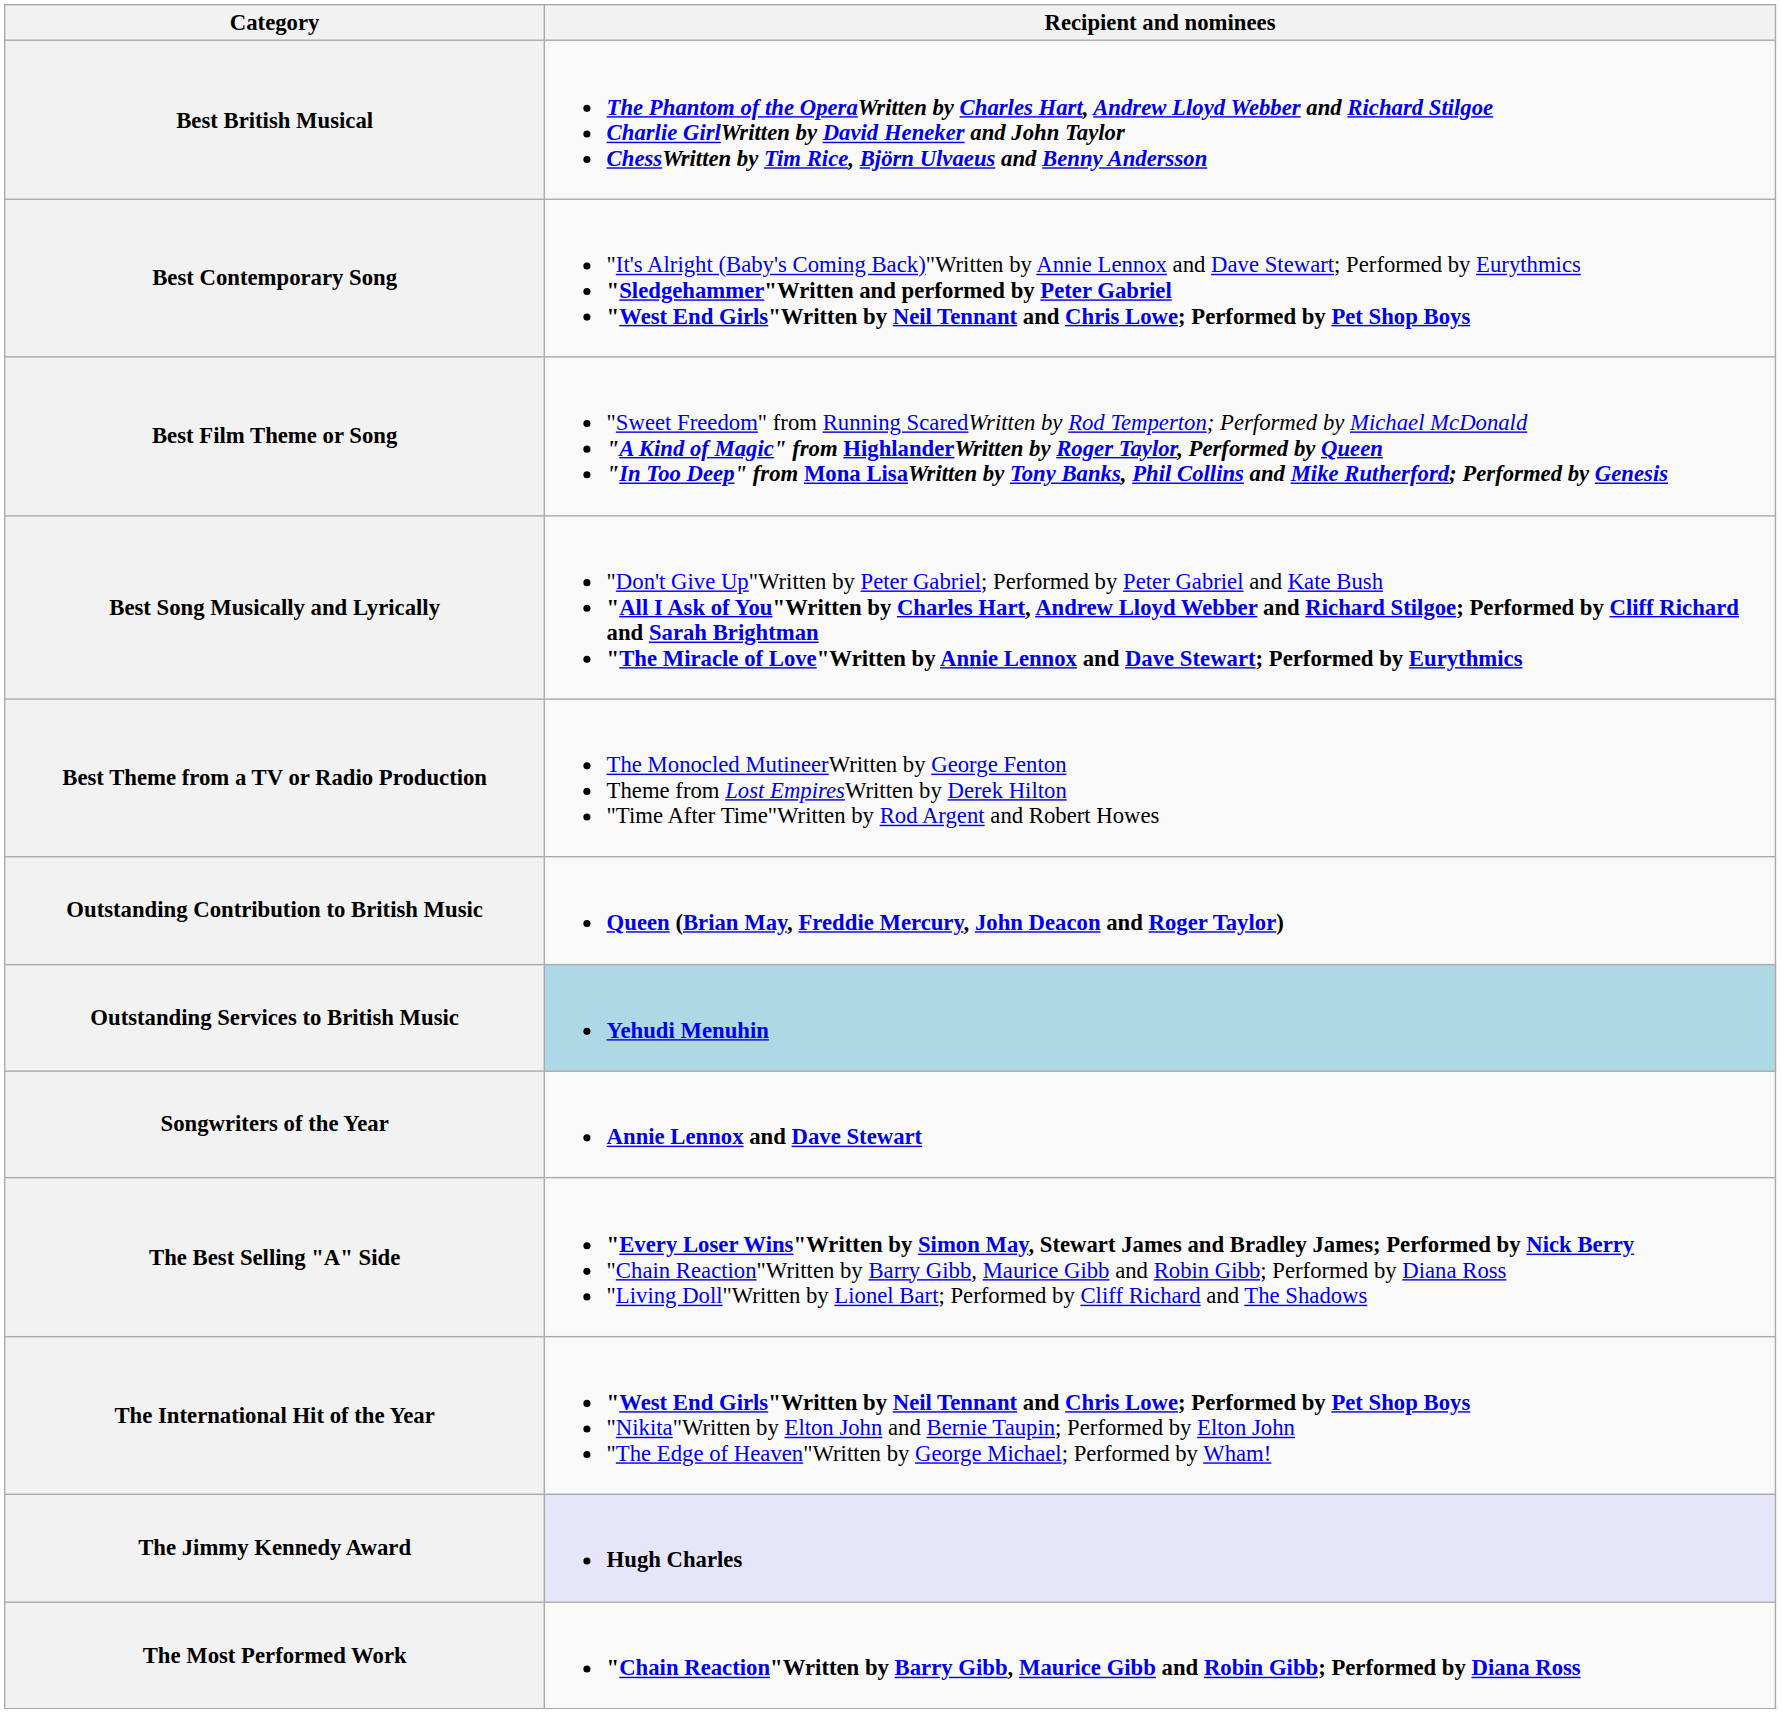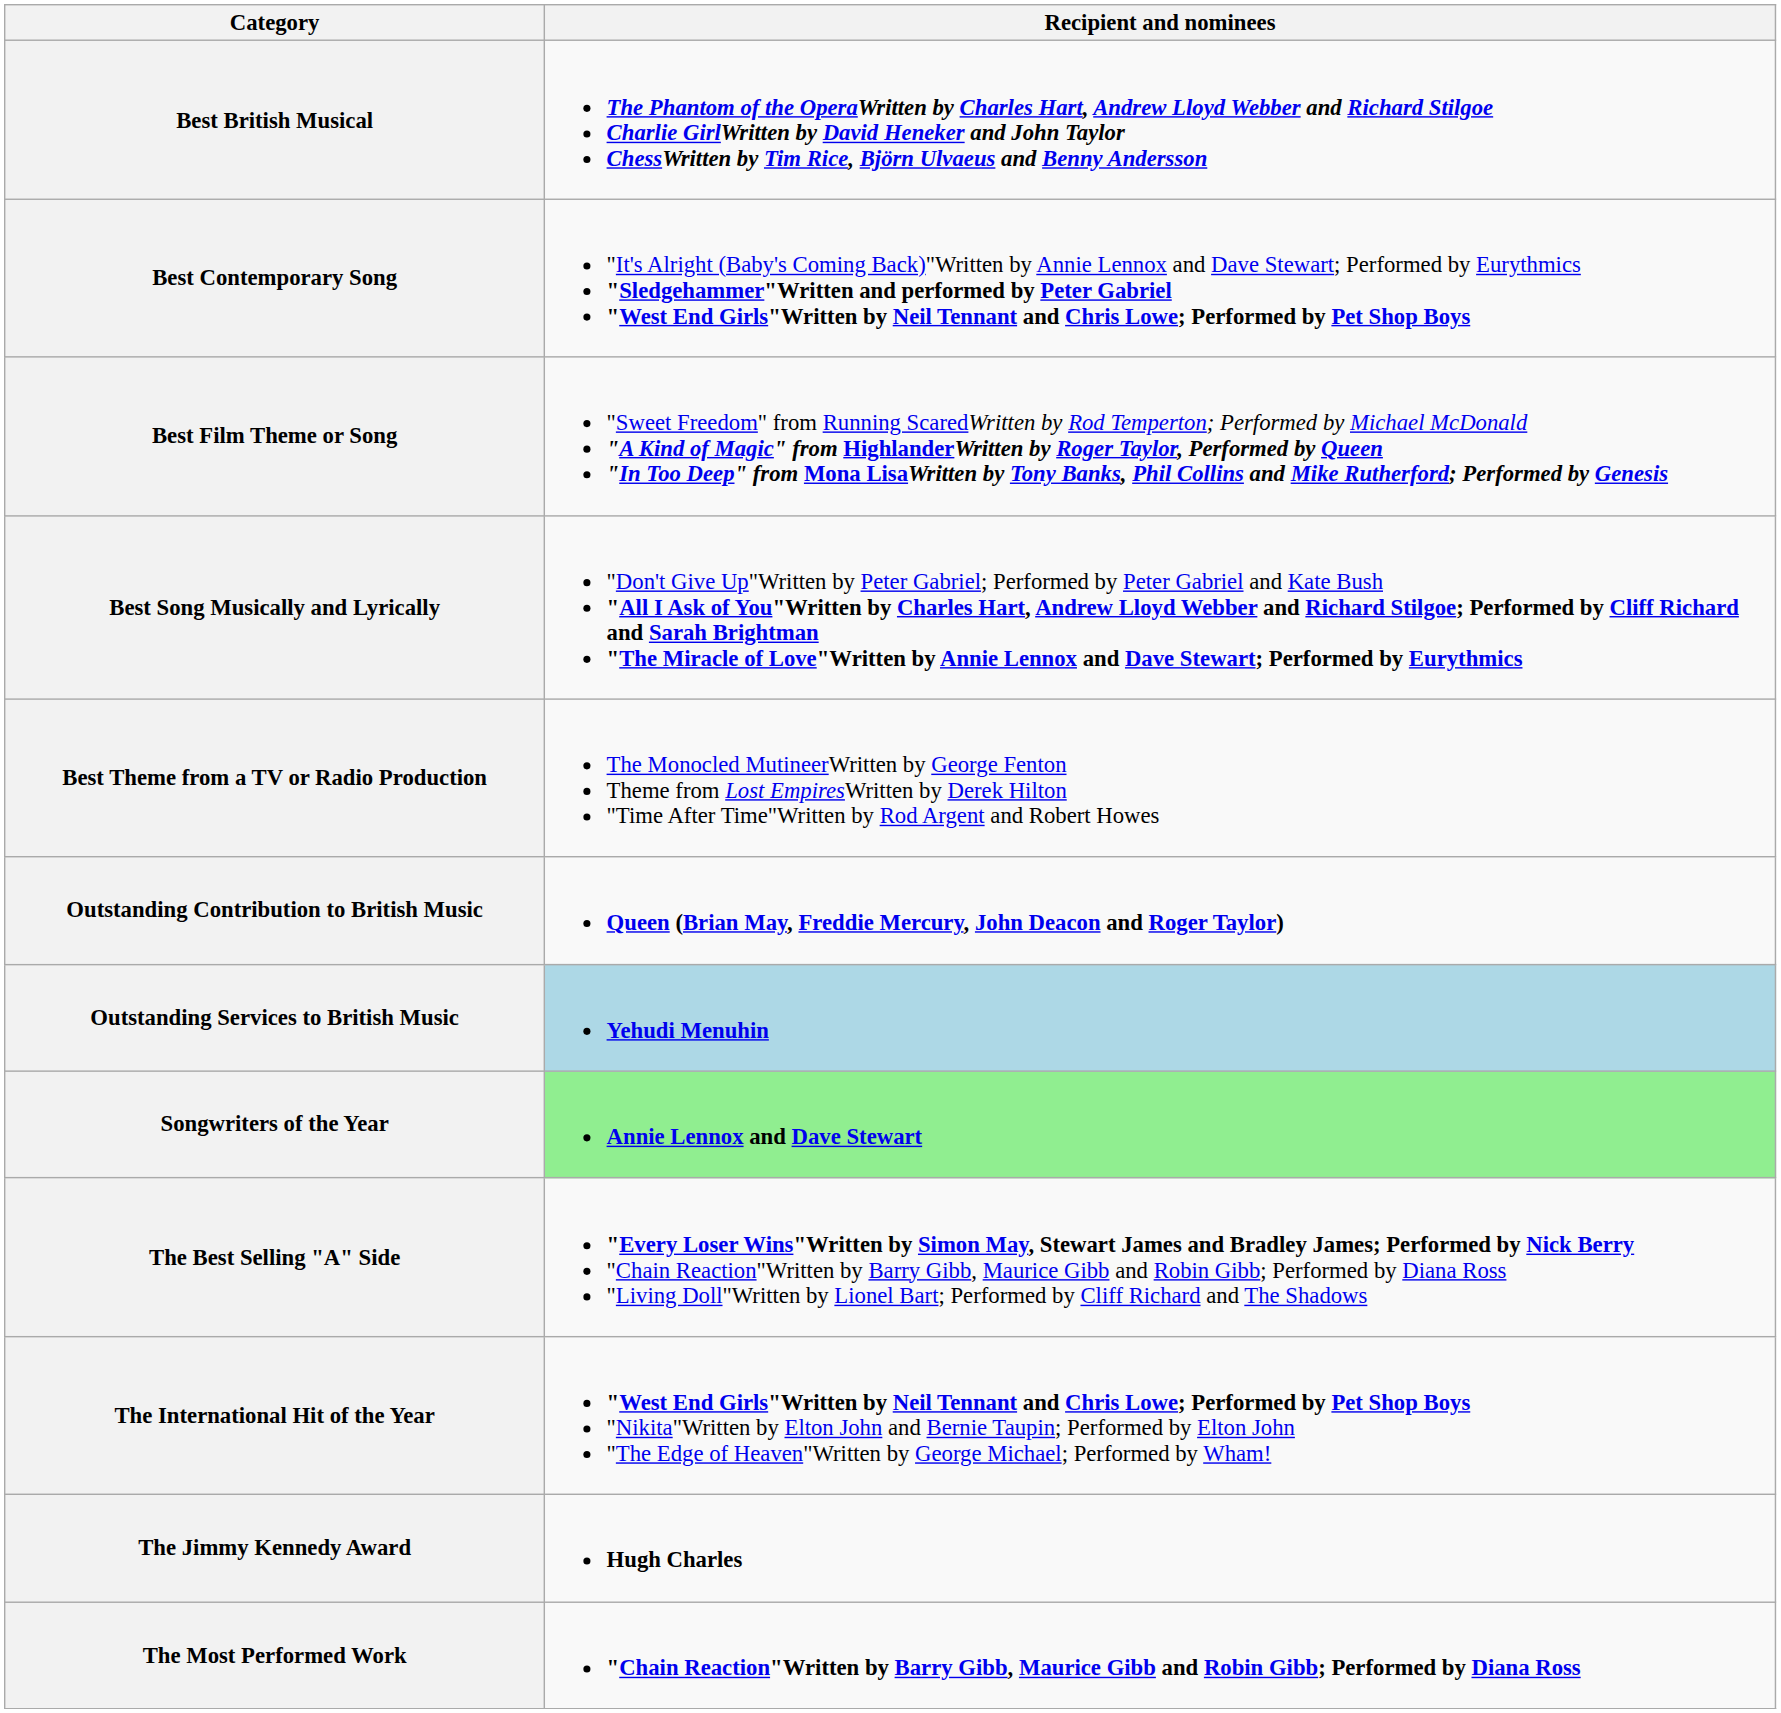 <table class="wikitable">
 <tr>
 <th width="25%">Category</th>
 <th width="57%">Recipient and nominees</th>
 </tr>
 <tr>
 <th scope="row">Best British Musical</th>
 <td><br><ul><li><strong><em><a href='#'>The Phantom of the Opera</a><em>Written by <a href='#'>Charles Hart</a>, <a href='#'>Andrew Lloyd Webber</a> and <a href='#'>Richard Stilgoe</a><strong></li><li></em><a href='#'>Charlie Girl</a><em>Written by <a href='#'>David Heneker</a> and John Taylor</li><li></em><a href='#'>Chess</a><em>Written by <a href='#'>Tim Rice</a>, <a href='#'>Björn Ulvaeus</a> and <a href='#'>Benny Andersson</a></li></ul></td>
 </tr>
 <tr>
 <th scope="row">Best Contemporary Song</th>
 <td><br><ul><li></strong>"<a href='#'>It's Alright (Baby's Coming Back)</a>"Written by <a href='#'>Annie Lennox</a> and <a href='#'>Dave Stewart</a>; Performed by <a href='#'>Eurythmics</a><strong></li><li>"<a href='#'>Sledgehammer</a>"Written and performed by <a href='#'>Peter Gabriel</a></li><li>"<a href='#'>West End Girls</a>"Written by <a href='#'>Neil Tennant</a> and <a href='#'>Chris Lowe</a>; Performed by <a href='#'>Pet Shop Boys</a></li></ul></td>
 </tr>
 <tr>
 <th scope="row">Best Film Theme or Song</th>
 <td><br><ul><li></strong>"<a href='#'>Sweet Freedom</a>" from </em><a href='#'>Running Scared</a><em>Written by <a href='#'>Rod Temperton</a>; Performed by <a href='#'>Michael McDonald</a><strong></li><li>"<a href='#'>A Kind of Magic</a>" from </em><a href='#'>Highlander</a><em>Written by <a href='#'>Roger Taylor</a>, Performed by <a href='#'>Queen</a></li><li>"<a href='#'>In Too Deep</a>" from </em><a href='#'>Mona Lisa</a><em>Written by <a href='#'>Tony Banks</a>, <a href='#'>Phil Collins</a> and <a href='#'>Mike Rutherford</a>; Performed by <a href='#'>Genesis</a></li></ul></td>
 </tr>
 <tr>
 <th scope="row">Best Song Musically and Lyrically</th>
 <td><br><ul><li></strong>"<a href='#'>Don't Give Up</a>"Written by <a href='#'>Peter Gabriel</a>; Performed by <a href='#'>Peter Gabriel</a> and <a href='#'>Kate Bush</a><strong></li><li>"<a href='#'>All I Ask of You</a>"Written by <a href='#'>Charles Hart</a>, <a href='#'>Andrew Lloyd Webber</a> and <a href='#'>Richard Stilgoe</a>; Performed by <a href='#'>Cliff Richard</a> and <a href='#'>Sarah Brightman</a></li><li>"<a href='#'>The Miracle of Love</a>"Written by <a href='#'>Annie Lennox</a> and <a href='#'>Dave Stewart</a>; Performed by <a href='#'>Eurythmics</a></li></ul></td>
 </tr>
 <tr>
 <th scope="row">Best Theme from a TV or Radio Production</th>
 <td><br><ul><li></em></strong><a href='#'>The Monocled Mutineer</a></em>Written by <a href='#'>George Fenton</a></strong></li><li>Theme from <em><a href='#'>Lost Empires</a></em>Written by <a href='#'>Derek Hilton</a></li><li>"Time After Time"Written by <a href='#'>Rod Argent</a> and Robert Howes</li></ul></td>
 </tr>
 <tr>
 <th scope="row">Outstanding Contribution to British Music</th>
 <td><br><ul><li><strong><a href='#'>Queen</a> (<a href='#'>Brian May</a>, <a href='#'>Freddie Mercury</a>, <a href='#'>John Deacon</a> and <a href='#'>Roger Taylor</a>)</strong></li></ul></td>
 </tr>
 <tr>
 <th scope="row">Outstanding Services to British Music</th>
 <td style="background: lightblue;"><br><ul><li><strong><a href='#'>Yehudi Menuhin</a></strong></li></ul></td>
 </tr>
 <tr>
 <th scope="row">Songwriters of the Year</th>
-<td><br><ul><li><strong><a href='#'>Annie Lennox</a> and <a href='#'>Dave Stewart</a></strong></li></ul></td>
+<td style="background: lightgreen;"><br><ul><li><strong><a href='#'>Annie Lennox</a> and <a href='#'>Dave Stewart</a></strong></li></ul></td>
 </tr>
 <tr>
 <th scope="row">The Best Selling "A" Side</th>
 <td><br><ul><li><strong>"<a href='#'>Every Loser Wins</a>"Written by <a href='#'>Simon May</a>, Stewart James and Bradley James; Performed by <a href='#'>Nick Berry</a></strong></li><li>"<a href='#'>Chain Reaction</a>"Written by <a href='#'>Barry Gibb</a>, <a href='#'>Maurice Gibb</a> and <a href='#'>Robin Gibb</a>; Performed by <a href='#'>Diana Ross</a></li><li>"<a href='#'>Living Doll</a>"Written by <a href='#'>Lionel Bart</a>; Performed by <a href='#'>Cliff Richard</a> and <a href='#'>The Shadows</a></li></ul></td>
 </tr>
 <tr>
 <th scope="row">The International Hit of the Year</th>
 <td><br><ul><li><strong>"<a href='#'>West End Girls</a>"Written by <a href='#'>Neil Tennant</a> and <a href='#'>Chris Lowe</a>; Performed by <a href='#'>Pet Shop Boys</a></strong></li><li>"<a href='#'>Nikita</a>"Written by <a href='#'>Elton John</a> and <a href='#'>Bernie Taupin</a>; Performed by <a href='#'>Elton John</a></li><li>"<a href='#'>The Edge of Heaven</a>"Written by <a href='#'>George Michael</a>; Performed by <a href='#'>Wham!</a></li></ul></td>
 </tr>
 <tr>
 <th scope="row">The Jimmy Kennedy Award</th>
-<td style="background: lavender;"><br><ul><li><strong>Hugh Charles</strong></li></ul></td>
+<td><br><ul><li><strong>Hugh Charles</strong></li></ul></td>
 </tr>
 <tr>
 <th scope="row">The Most Performed Work</th>
 <td><br><ul><li><strong>"<a href='#'>Chain Reaction</a>"Written by <a href='#'>Barry Gibb</a>, <a href='#'>Maurice Gibb</a> and <a href='#'>Robin Gibb</a>; Performed by <a href='#'>Diana Ross</a></strong></li></ul></td>
 </tr>
 <tr>
 </tr>
 </table>
